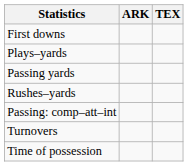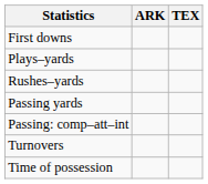 <table class="wikitable" style="float:left">
 <tr>
 <th>Statistics</th>
 <th>ARK</th>
 <th>TEX</th>
 </tr>
 <tr>
 <td>First downs</td>
 <td></td>
 <td></td>
 </tr>
 <tr>
 <td>Plays–yards</td>
 <td></td>
 <td></td>
 </tr>
 <tr>
-<td>Passing yards</td>
+<td>Rushes–yards</td>
 <td></td>
 <td></td>
 </tr>
 <tr>
-<td>Rushes–yards</td>
+<td>Passing yards</td>
 <td></td>
 <td></td>
 </tr>
 <tr>
 <td>Passing: comp–att–int</td>
 <td></td>
 <td></td>
 </tr>
 <tr>
 <td>Turnovers</td>
 <td></td>
 <td></td>
 </tr>
 <tr>
 <td>Time of possession</td>
 <td></td>
 <td></td>
 </tr>
 </table>
